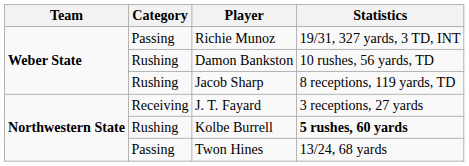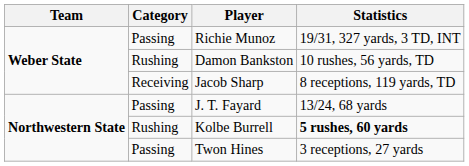 <table class="wikitable" style="float: right;">
 <tr>
 <th>Team</th>
 <th>Category</th>
 <th>Player</th>
 <th>Statistics</th>
 </tr>
 <tr>
 <td rowspan=3><strong>Weber State</strong></td>
 <td>Passing</td>
 <td>Richie Munoz</td>
 <td>19/31, 327 yards, 3 TD, INT</td>
 </tr>
 <tr>
 <td>Rushing</td>
 <td>Damon Bankston</td>
 <td>10 rushes, 56 yards, TD</td>
 </tr>
 <tr>
-<td>Rushing</td>
+<td>Receiving</td>
 <td>Jacob Sharp</td>
 <td>8 receptions, 119 yards, TD</td>
 </tr>
 <tr>
 <td rowspan=3><strong>Northwestern State</strong></td>
-<td>Receiving</td>
+<td>Passing</td>
 <td>J. T. Fayard</td>
-<td>3 receptions, 27 yards</td>
+<td>13/24, 68 yards</td>
 </tr>
 <tr>
 <td>Rushing</td>
 <td>Kolbe Burrell</td>
 <td><strong>5 rushes, 60 yards</strong></td>
 </tr>
 <tr>
 <td>Passing</td>
 <td>Twon Hines</td>
-<td>13/24, 68 yards</td>
+<td>3 receptions, 27 yards</td>
 </tr>
 </table>
